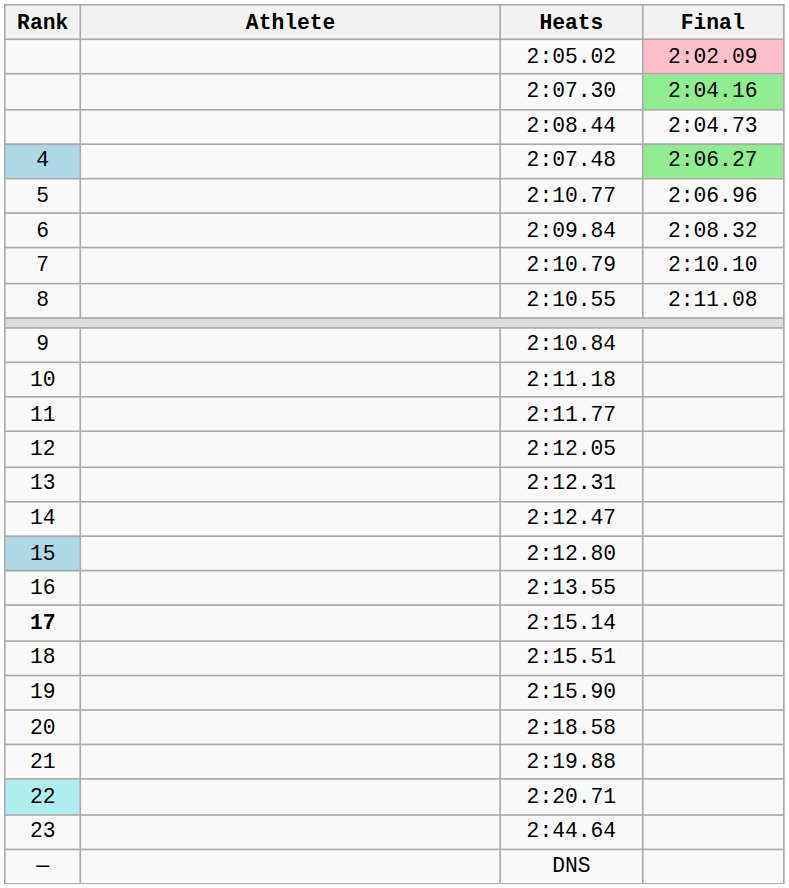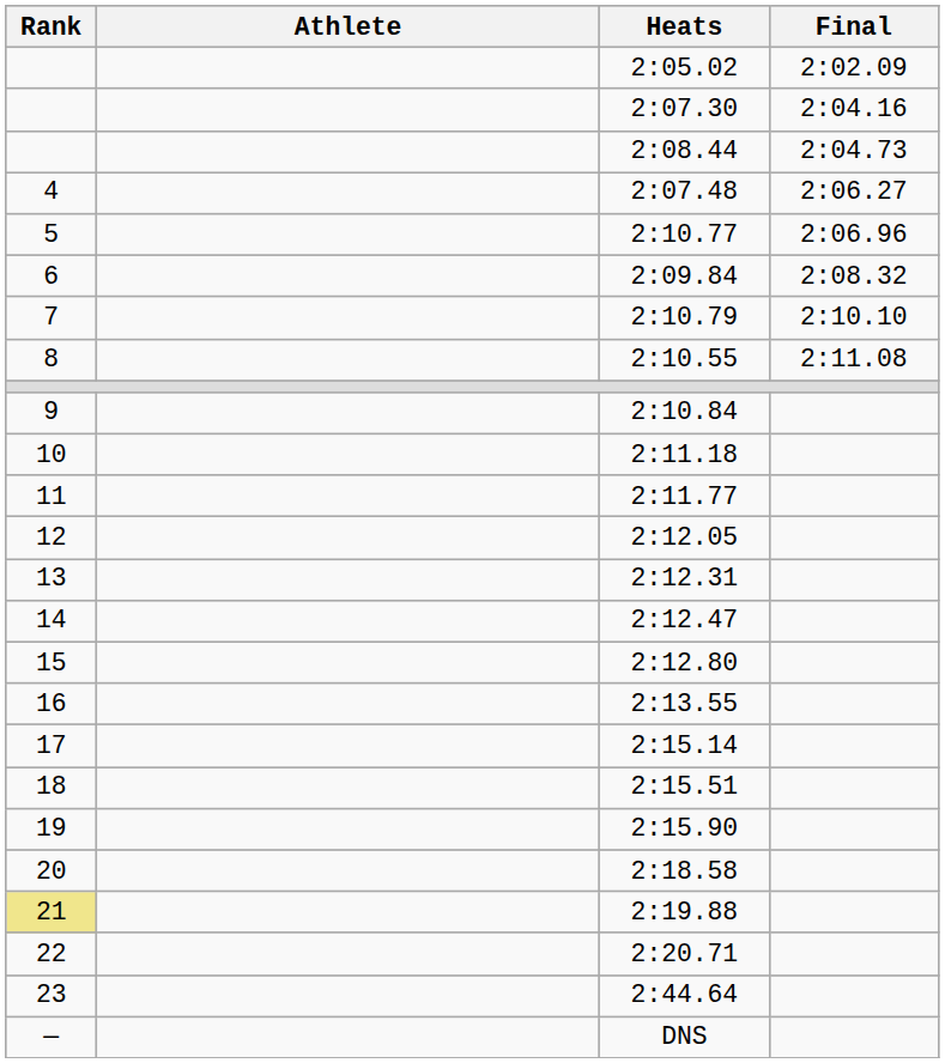 <table class=wikitable style="text-align:center">
 <tr>
 <th width=40>Rank</th>
 <th width=250>Athlete</th>
 <th width=80>Heats</th>
 <th width=80>Final</th>
 </tr>
 <tr>
 <td></td>
 <td align=left></td>
 <td>2:05.02</td>
-<td style="background: pink;">2:02.09</td>
+<td>2:02.09</td>
 </tr>
 <tr>
 <td></td>
 <td align=left></td>
 <td>2:07.30</td>
-<td style="background: lightgreen;">2:04.16</td>
+<td>2:04.16</td>
 </tr>
 <tr>
 <td></td>
 <td align=left></td>
 <td>2:08.44</td>
 <td>2:04.73</td>
 </tr>
 <tr>
-<td style="background: lightblue;">4</td>
+<td>4</td>
 <td align=left></td>
 <td>2:07.48</td>
-<td style="background: lightgreen;">2:06.27</td>
+<td>2:06.27</td>
 </tr>
 <tr>
 <td>5</td>
 <td align=left></td>
 <td>2:10.77</td>
 <td>2:06.96</td>
 </tr>
 <tr>
 <td>6</td>
 <td align=left></td>
 <td>2:09.84</td>
 <td>2:08.32</td>
 </tr>
 <tr>
 <td>7</td>
 <td align=left></td>
 <td>2:10.79</td>
 <td>2:10.10</td>
 </tr>
 <tr>
 <td>8</td>
 <td align=left></td>
 <td>2:10.55</td>
 <td>2:11.08</td>
 </tr>
 <tr bgcolor=#DDDDDD>
 <td colspan=4></td>
 </tr>
 <tr>
 <td>9</td>
 <td align=left></td>
 <td>2:10.84</td>
 <td></td>
 </tr>
 <tr>
 <td>10</td>
 <td align=left></td>
 <td>2:11.18</td>
 <td></td>
 </tr>
 <tr>
 <td>11</td>
 <td align=left></td>
 <td>2:11.77</td>
 <td></td>
 </tr>
 <tr>
 <td>12</td>
 <td align=left></td>
 <td>2:12.05</td>
 <td></td>
 </tr>
 <tr>
 <td>13</td>
 <td align=left></td>
 <td>2:12.31</td>
 <td></td>
 </tr>
 <tr>
 <td>14</td>
 <td align=left></td>
 <td>2:12.47</td>
 <td></td>
 </tr>
 <tr>
-<td style="background: lightblue;">15</td>
+<td>15</td>
 <td align=left></td>
 <td>2:12.80</td>
 <td></td>
 </tr>
 <tr>
 <td>16</td>
 <td align=left></td>
 <td>2:13.55</td>
 <td></td>
 </tr>
 <tr>
-<td><strong>17</strong></td>
+<td>17</td>
 <td align=left></td>
 <td>2:15.14</td>
 <td></td>
 </tr>
 <tr>
 <td>18</td>
 <td align=left></td>
 <td>2:15.51</td>
 <td></td>
 </tr>
 <tr>
 <td>19</td>
 <td align=left></td>
 <td>2:15.90</td>
 <td></td>
 </tr>
 <tr>
 <td>20</td>
 <td align=left></td>
 <td>2:18.58</td>
 <td></td>
 </tr>
 <tr>
-<td>21</td>
+<td style="background: khaki;">21</td>
 <td align=left></td>
 <td>2:19.88</td>
 <td></td>
 </tr>
 <tr>
-<td style="background: paleturquoise;">22</td>
+<td>22</td>
 <td align=left></td>
 <td>2:20.71</td>
 <td></td>
 </tr>
 <tr>
 <td>23</td>
 <td align=left></td>
 <td>2:44.64</td>
 <td></td>
 </tr>
 <tr>
 <td>—</td>
 <td align=left></td>
 <td>DNS</td>
 <td></td>
 </tr>
 </table>
